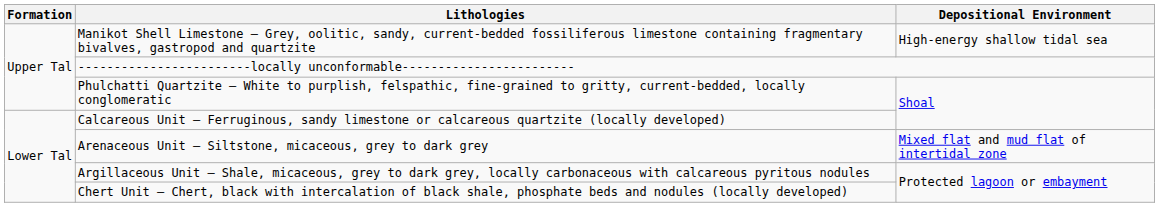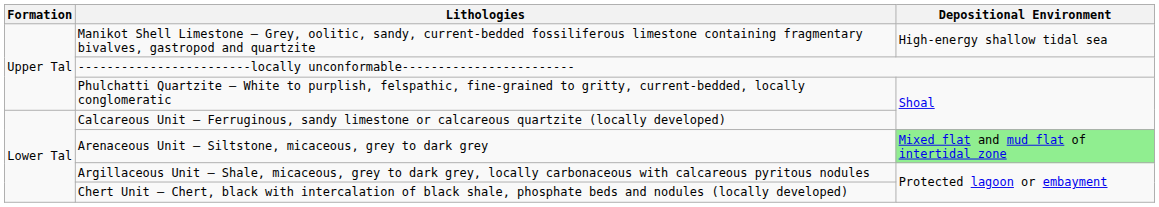 <table class="wikitable">
 <tr>
 <th>Formation</th>
 <th>Lithologies</th>
 <th>Depositional Environment</th>
 </tr>
 <tr>
 <td rowspan="3">Upper Tal</td>
 <td>Manikot Shell Limestone – Grey, oolitic, sandy, current-bedded fossiliferous limestone containing fragmentary bivalves, gastropod and quartzite</td>
 <td>High-energy shallow tidal sea</td>
 </tr>
 <tr>
 <td colspan="2">------------------------locally unconformable------------------------</td>
 </tr>
 <tr>
 <td>Phulchatti Quartzite – White to purplish, felspathic, fine-grained to gritty, current-bedded, locally conglomeratic</td>
 <td rowspan="2"><a href='#'>Shoal</a></td>
 </tr>
 <tr>
 <td rowspan="4">Lower Tal</td>
 <td>Calcareous Unit – Ferruginous, sandy limestone or calcareous quartzite (locally developed)</td>
 </tr>
 <tr>
 <td>Arenaceous Unit – Siltstone, micaceous, grey to dark grey</td>
-<td><a href='#'>Mixed flat</a> and <a href='#'>mud flat</a> of <a href='#'>intertidal zone</a></td>
+<td style="background: lightgreen;"><a href='#'>Mixed flat</a> and <a href='#'>mud flat</a> of <a href='#'>intertidal zone</a></td>
 </tr>
 <tr>
 <td>Argillaceous Unit – Shale, micaceous, grey to dark grey, locally carbonaceous with calcareous pyritous nodules</td>
 <td rowspan="2">Protected <a href='#'>lagoon</a> or <a href='#'>embayment</a></td>
 </tr>
 <tr>
 <td>Chert Unit – Chert, black with intercalation of black shale, phosphate beds and nodules (locally developed)</td>
 </tr>
 </table>
